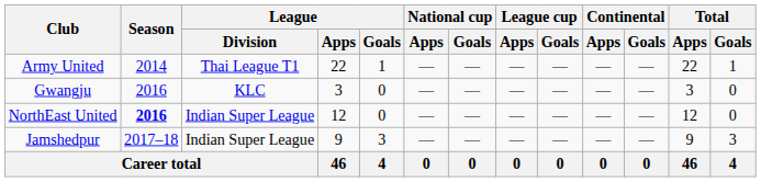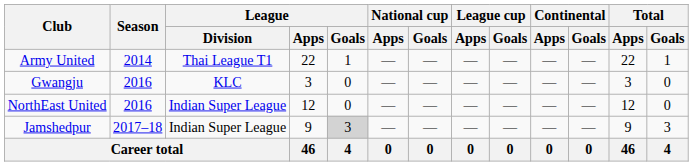 <table class="wikitable" style="text-align:center">
 <tr>
 <th rowspan="2">Club</th>
 <th rowspan="2">Season</th>
 <th colspan="3">League</th>
 <th colspan="2">National cup</th>
 <th colspan="2">League cup</th>
 <th colspan="2">Continental</th>
 <th colspan="2">Total</th>
 </tr>
 <tr>
 <th>Division</th>
 <th>Apps</th>
 <th>Goals</th>
 <th>Apps</th>
 <th>Goals</th>
 <th>Apps</th>
 <th>Goals</th>
 <th>Apps</th>
 <th>Goals</th>
 <th>Apps</th>
 <th>Goals</th>
 </tr>
 <tr>
 <td><a href='#'>Army United</a></td>
 <td><a href='#'>2014</a></td>
 <td><a href='#'>Thai League T1</a></td>
 <td>22</td>
 <td>1</td>
 <td>—</td>
 <td>—</td>
 <td>—</td>
 <td>—</td>
 <td>—</td>
 <td>—</td>
 <td>22</td>
 <td>1</td>
 </tr>
 <tr>
 <td><a href='#'>Gwangju</a></td>
 <td><a href='#'>2016</a></td>
 <td><a href='#'>KLC</a></td>
 <td>3</td>
 <td>0</td>
 <td>—</td>
 <td>—</td>
 <td>—</td>
 <td>—</td>
 <td>—</td>
 <td>—</td>
 <td>3</td>
 <td>0</td>
 </tr>
 <tr>
 <td><a href='#'>NorthEast United</a></td>
-<td><strong><a href='#'>2016</a></strong></td>
+<td><a href='#'>2016</a></td>
 <td><a href='#'>Indian Super League</a></td>
 <td>12</td>
 <td>0</td>
 <td>—</td>
 <td>—</td>
 <td>—</td>
 <td>—</td>
 <td>—</td>
 <td>—</td>
 <td>12</td>
 <td>0</td>
 </tr>
 <tr>
 <td><a href='#'>Jamshedpur</a></td>
 <td><a href='#'>2017–18</a></td>
 <td>Indian Super League</td>
 <td>9</td>
-<td>3</td>
+<td style="background: lightgrey;">3</td>
 <td>—</td>
 <td>—</td>
 <td>—</td>
 <td>—</td>
 <td>—</td>
 <td>—</td>
 <td>9</td>
 <td>3</td>
 </tr>
 <tr>
 <th colspan="3">Career total</th>
 <th>46</th>
 <th>4</th>
 <th>0</th>
 <th>0</th>
 <th>0</th>
 <th>0</th>
 <th>0</th>
 <th>0</th>
 <th>46</th>
 <th>4</th>
 </tr>
 </table>
